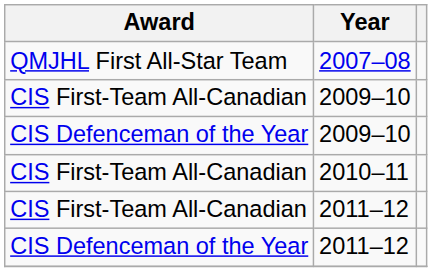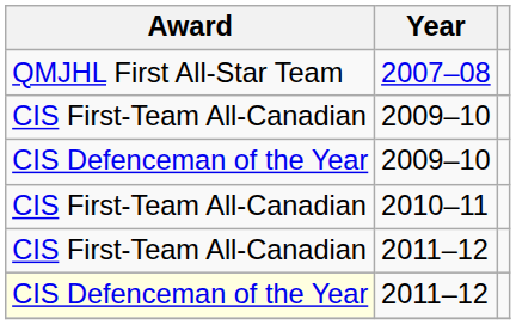 <table class="wikitable">
 <tr>
 <th>Award</th>
 <th>Year</th>
 <th></th>
 </tr>
 <tr>
 <td><a href='#'>QMJHL</a> First All-Star Team</td>
 <td><a href='#'>2007–08</a></td>
 <td></td>
 </tr>
 <tr>
 <td><a href='#'>CIS</a> First-Team All-Canadian</td>
 <td>2009–10</td>
 <td></td>
 </tr>
 <tr>
 <td><a href='#'>CIS Defenceman of the Year</a></td>
 <td>2009–10</td>
 <td></td>
 </tr>
 <tr>
 <td><a href='#'>CIS</a> First-Team All-Canadian</td>
 <td>2010–11</td>
 <td></td>
 </tr>
 <tr>
 <td><a href='#'>CIS</a> First-Team All-Canadian</td>
 <td>2011–12</td>
 <td></td>
 </tr>
 <tr>
-<td><a href='#'>CIS Defenceman of the Year</a></td>
+<td style="background: lightyellow;"><a href='#'>CIS Defenceman of the Year</a></td>
 <td>2011–12</td>
 <td></td>
 </tr>
 <tr>
 </tr>
 </table>
